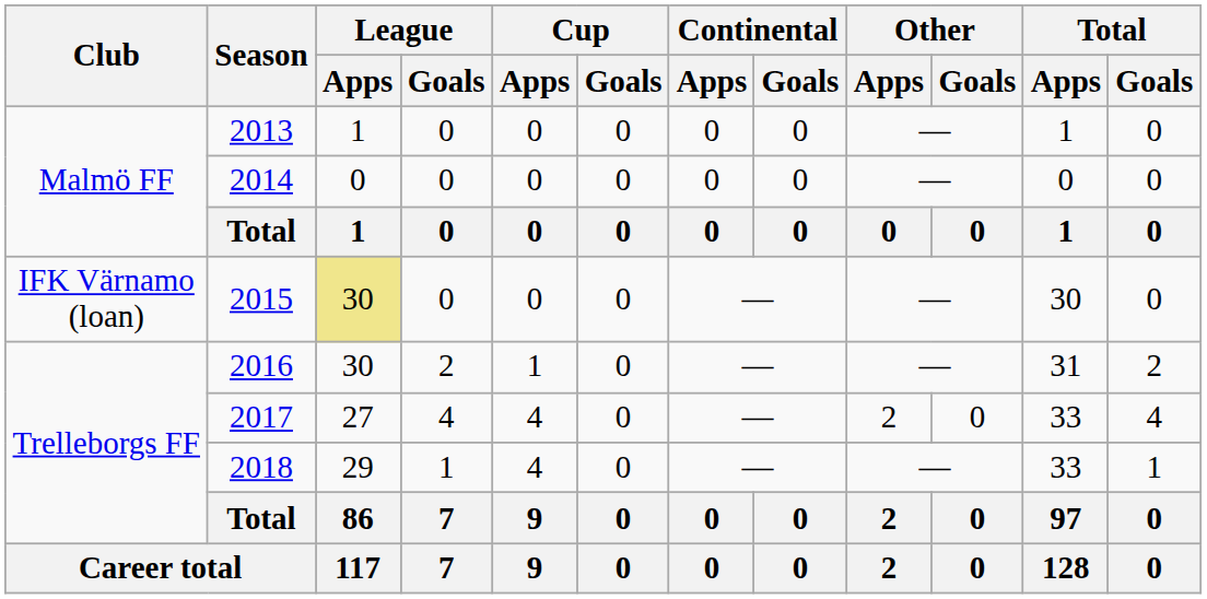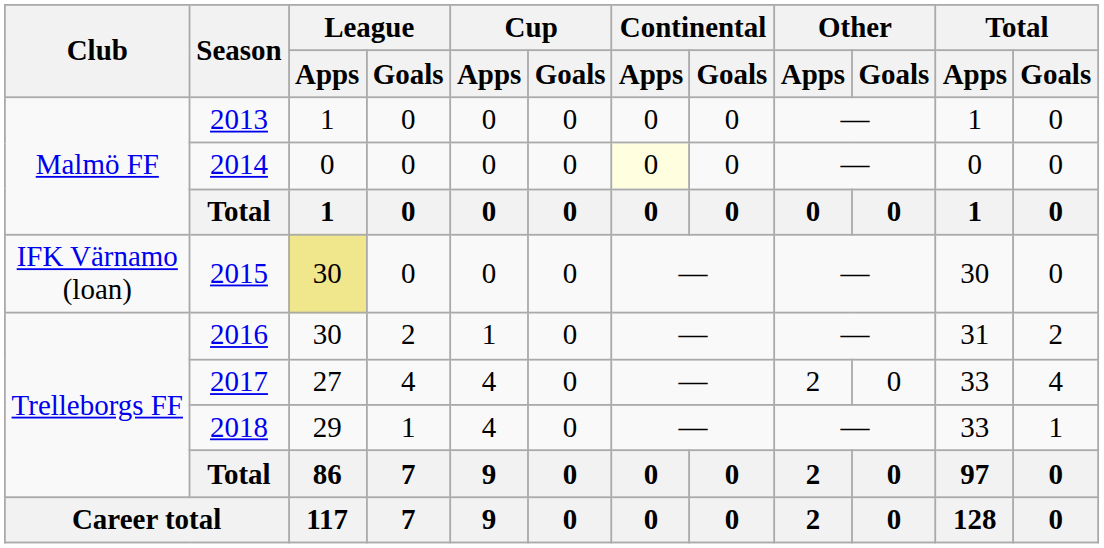 <table class="wikitable" style="text-align:center;">
 <tr>
 <th rowspan="2">Club</th>
 <th rowspan="2">Season</th>
 <th colspan="2">League</th>
 <th colspan="2">Cup</th>
 <th colspan="2">Continental</th>
 <th colspan="2">Other</th>
 <th colspan="2">Total</th>
 </tr>
 <tr>
 <th>Apps</th>
 <th>Goals</th>
 <th>Apps</th>
 <th>Goals</th>
 <th>Apps</th>
 <th>Goals</th>
 <th>Apps</th>
 <th>Goals</th>
 <th>Apps</th>
 <th>Goals</th>
 </tr>
 <tr>
 <td rowspan="3"><a href='#'>Malmö FF</a></td>
 <td><a href='#'>2013</a></td>
 <td>1</td>
 <td>0</td>
 <td>0</td>
 <td>0</td>
 <td>0</td>
 <td>0</td>
 <td colspan="2">—</td>
 <td>1</td>
 <td>0</td>
 </tr>
 <tr>
 <td><a href='#'>2014</a></td>
 <td>0</td>
 <td>0</td>
 <td>0</td>
 <td>0</td>
-<td>0</td>
+<td style="background: lightyellow;">0</td>
 <td>0</td>
 <td colspan="2">—</td>
 <td>0</td>
 <td>0</td>
 </tr>
 <tr>
 <th>Total</th>
 <th>1</th>
 <th>0</th>
 <th>0</th>
 <th>0</th>
 <th>0</th>
 <th>0</th>
 <th>0</th>
 <th>0</th>
 <th>1</th>
 <th>0</th>
 </tr>
 <tr>
 <td><a href='#'>IFK Värnamo</a><br>(loan)</td>
 <td><a href='#'>2015</a></td>
 <td style="background: khaki;">30</td>
 <td>0</td>
 <td>0</td>
 <td>0</td>
 <td colspan="2">—</td>
 <td colspan="2">—</td>
 <td>30</td>
 <td>0</td>
 </tr>
 <tr>
 <td rowspan="4"><a href='#'>Trelleborgs FF</a></td>
 <td><a href='#'>2016</a></td>
 <td>30</td>
 <td>2</td>
 <td>1</td>
 <td>0</td>
 <td colspan="2">—</td>
 <td colspan="2">—</td>
 <td>31</td>
 <td>2</td>
 </tr>
 <tr>
 <td><a href='#'>2017</a></td>
 <td>27</td>
 <td>4</td>
 <td>4</td>
 <td>0</td>
 <td colspan="2">—</td>
 <td>2</td>
 <td>0</td>
 <td>33</td>
 <td>4</td>
 </tr>
 <tr>
 <td><a href='#'>2018</a></td>
 <td>29</td>
 <td>1</td>
 <td>4</td>
 <td>0</td>
 <td colspan="2">—</td>
 <td colspan="2">—</td>
 <td>33</td>
 <td>1</td>
 </tr>
 <tr>
 <th>Total</th>
 <th>86</th>
 <th>7</th>
 <th>9</th>
 <th>0</th>
 <th>0</th>
 <th>0</th>
 <th>2</th>
 <th>0</th>
 <th>97</th>
 <th>0</th>
 </tr>
 <tr>
 <th colspan="2">Career total</th>
 <th>117</th>
 <th>7</th>
 <th>9</th>
 <th>0</th>
 <th>0</th>
 <th>0</th>
 <th>2</th>
 <th>0</th>
 <th>128</th>
 <th>0</th>
 </tr>
 </table>
